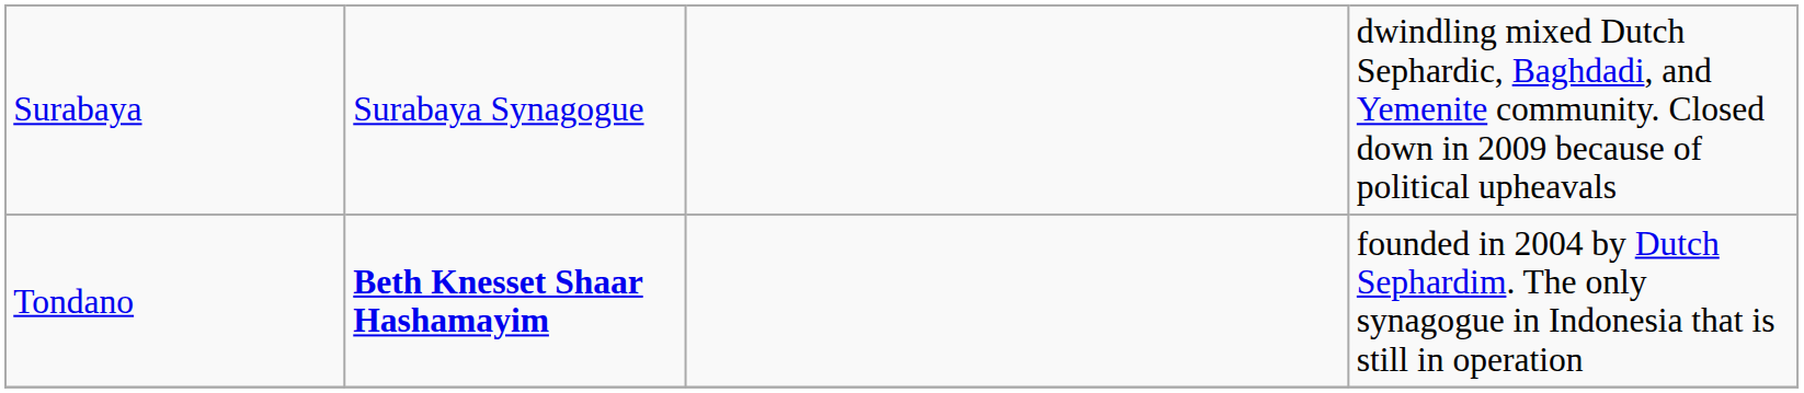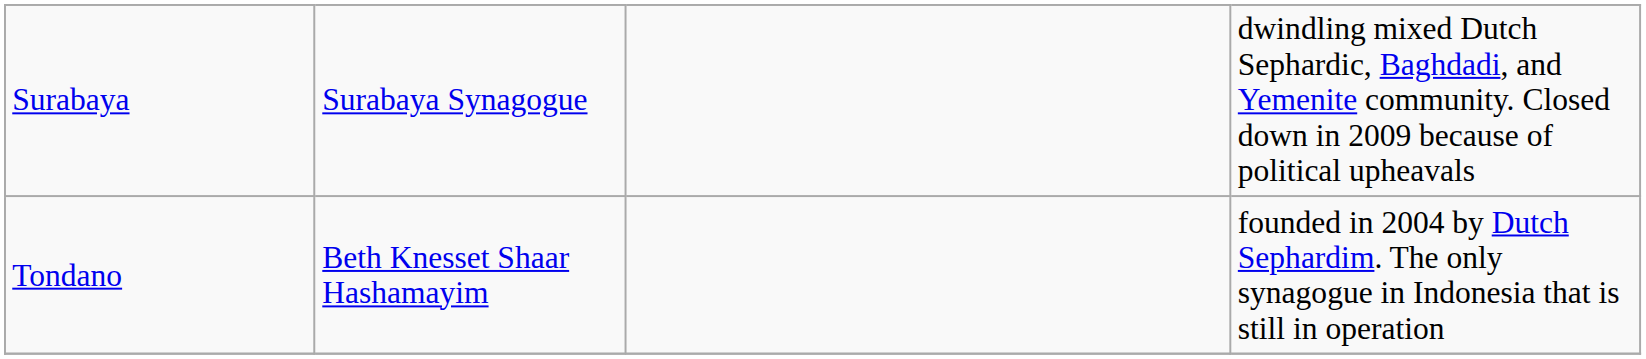 <table class="wikitable">
 <tr>
 <td width="150pt"><a href='#'>Surabaya</a></td>
 <td width="150pt"><a href='#'>Surabaya Synagogue</a></td>
 <td width="300pt"></td>
 <td width="200pt">dwindling mixed Dutch Sephardic, <a href='#'>Baghdadi</a>, and <a href='#'>Yemenite</a> community. Closed down in 2009 because of political upheavals</td>
 </tr>
 <tr>
 <td width="150pt"><a href='#'>Tondano</a></td>
-<td width="150pt"><strong><a href='#'>Beth Knesset Shaar Hashamayim</a></strong></td>
+<td width="150pt"><a href='#'>Beth Knesset Shaar Hashamayim</a></td>
 <td width="300pt"></td>
 <td width="200pt">founded in 2004 by <a href='#'>Dutch Sephardim</a>. The only synagogue in Indonesia that is still in operation</td>
 </tr>
 <tr>
 </tr>
 </table>
